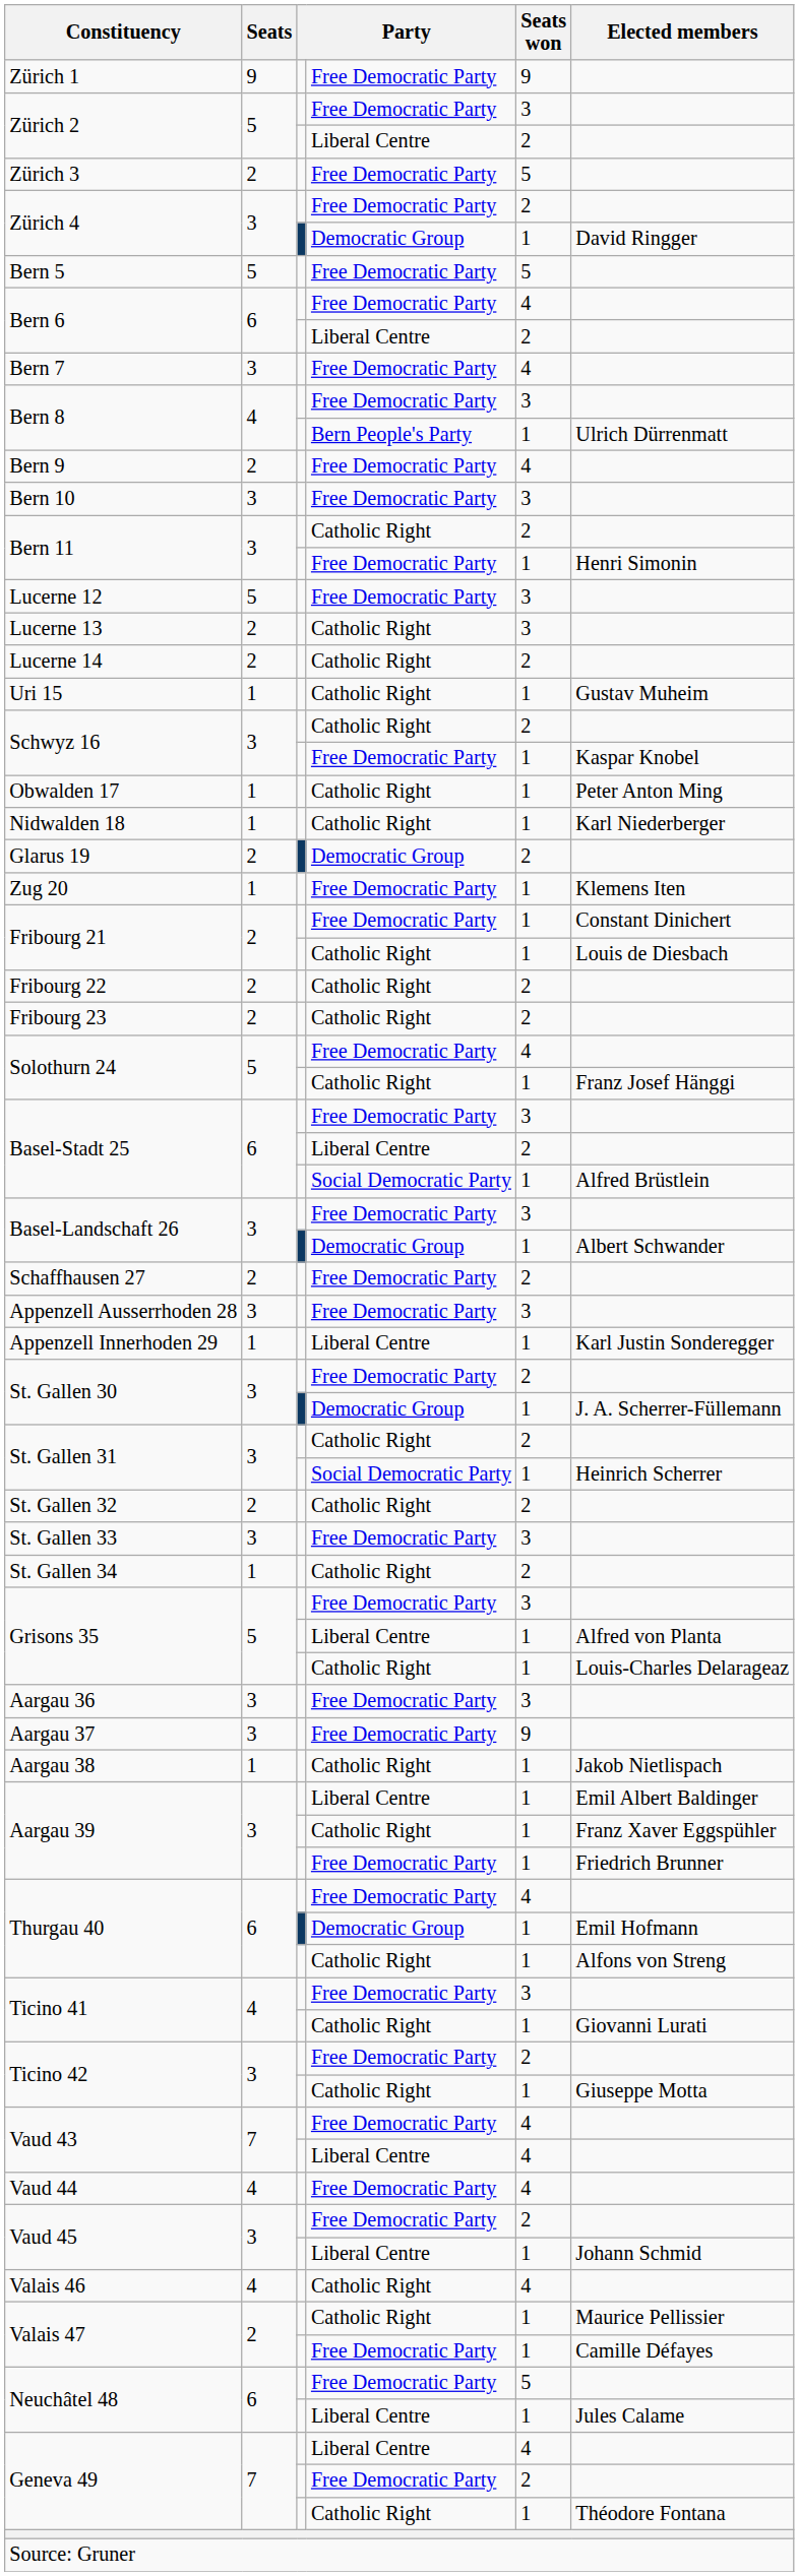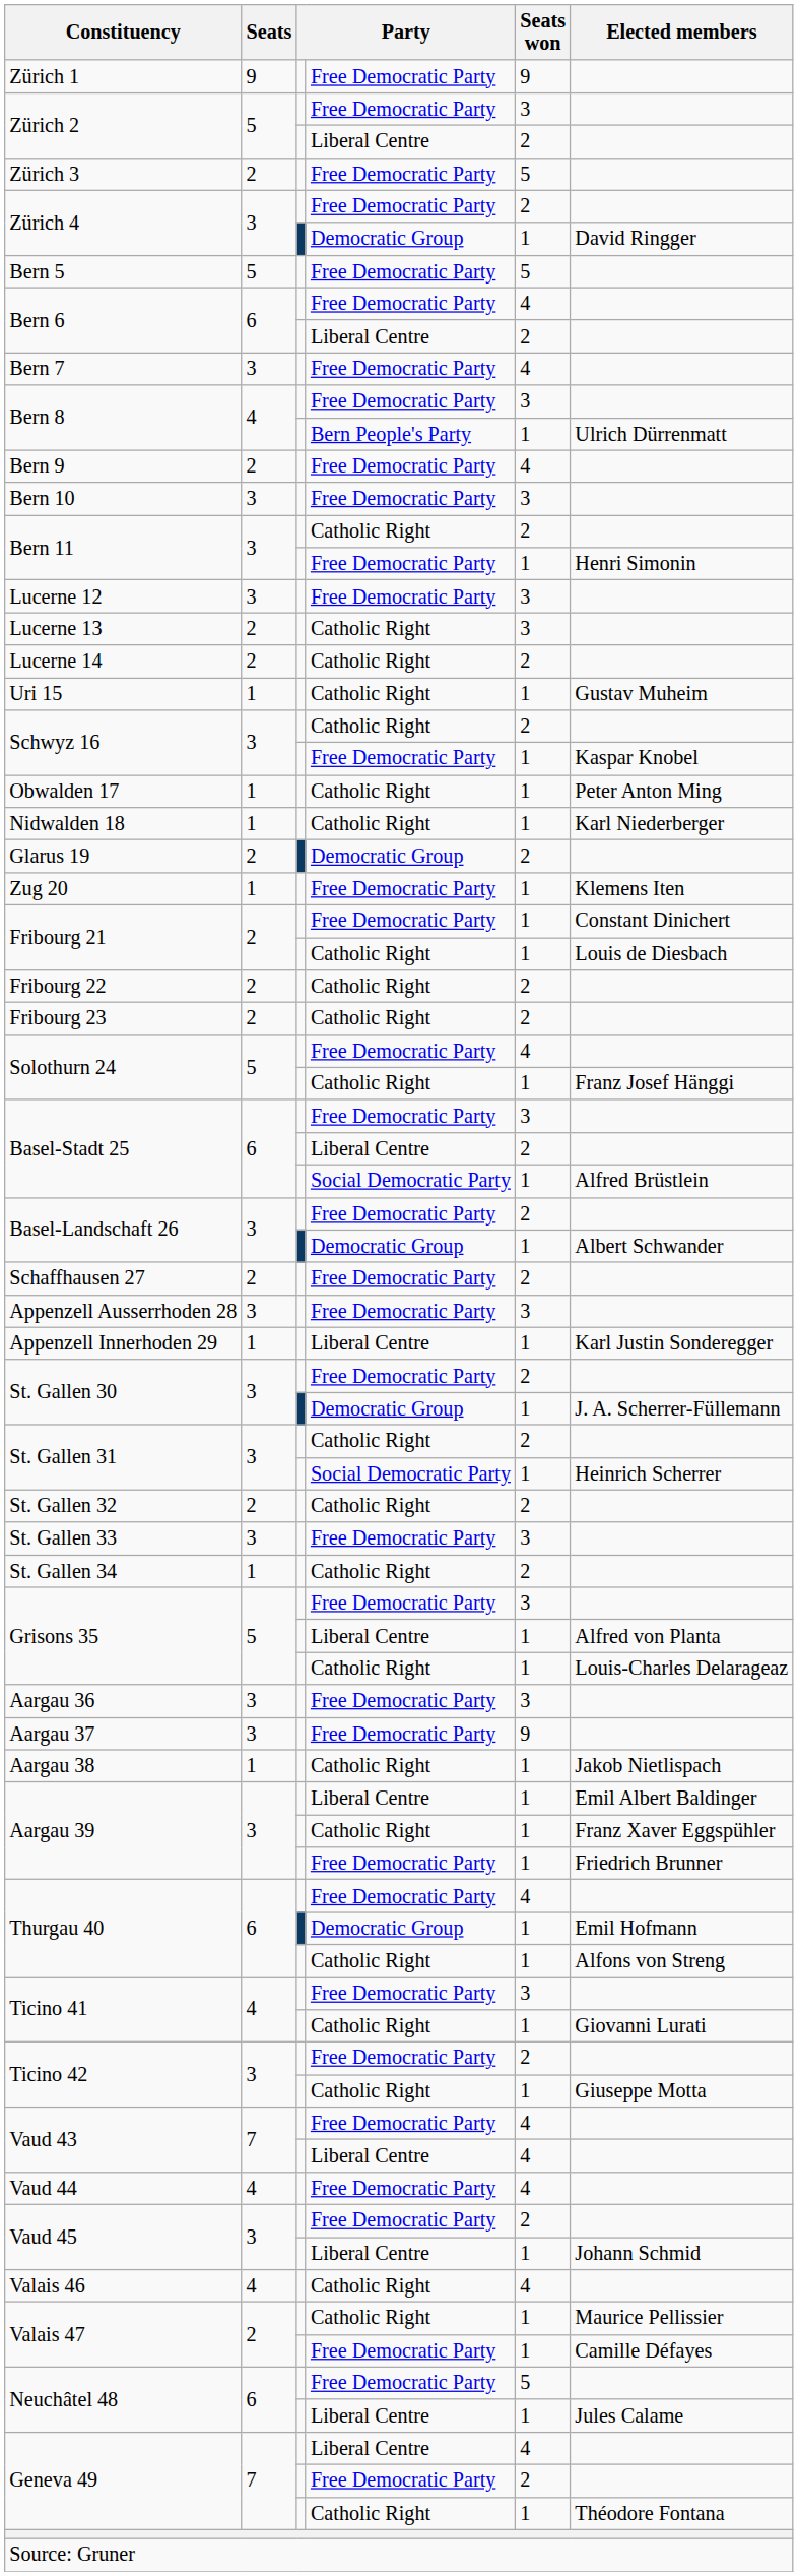 <table class="wikitable">
 <tr>
 <th>Constituency</th>
 <th>Seats</th>
 <th colspan="2">Party</th>
 <th>Seats<br>won</th>
 <th>Elected members</th>
 </tr>
 <tr>
 <td>Zürich 1</td>
 <td>9</td>
 <td style="color:inherit;background:"></td>
 <td><a href='#'>Free Democratic Party</a></td>
 <td>9</td>
 <td></td>
 </tr>
 <tr>
 <td rowspan="2">Zürich 2</td>
 <td rowspan="2">5</td>
 <td style="color:inherit;background:"></td>
 <td><a href='#'>Free Democratic Party</a></td>
 <td>3</td>
 <td></td>
 </tr>
 <tr>
 <td style="color:inherit;background:"></td>
 <td>Liberal Centre</td>
 <td>2</td>
 <td></td>
 </tr>
 <tr>
 <td>Zürich 3</td>
 <td>2</td>
 <td style="color:inherit;background:"></td>
 <td><a href='#'>Free Democratic Party</a></td>
 <td>5</td>
 <td></td>
 </tr>
 <tr>
 <td rowspan="2">Zürich 4</td>
 <td rowspan="2">3</td>
 <td style="color:inherit;background:"></td>
 <td><a href='#'>Free Democratic Party</a></td>
 <td>2</td>
 <td></td>
 </tr>
 <tr>
 <td style="color:inherit;background:#0B3861"></td>
 <td><a href='#'>Democratic Group</a></td>
 <td>1</td>
 <td>David Ringger</td>
 </tr>
 <tr>
 <td>Bern 5</td>
 <td>5</td>
 <td style="color:inherit;background:"></td>
 <td><a href='#'>Free Democratic Party</a></td>
 <td>5</td>
 <td></td>
 </tr>
 <tr>
 <td rowspan="2">Bern 6</td>
 <td rowspan="2">6</td>
 <td style="color:inherit;background:"></td>
 <td><a href='#'>Free Democratic Party</a></td>
 <td>4</td>
 <td></td>
 </tr>
 <tr>
 <td style="color:inherit;background:"></td>
 <td>Liberal Centre</td>
 <td>2</td>
 <td></td>
 </tr>
 <tr>
 <td>Bern 7</td>
 <td>3</td>
 <td style="color:inherit;background:"></td>
 <td><a href='#'>Free Democratic Party</a></td>
 <td>4</td>
 <td></td>
 </tr>
 <tr>
 <td rowspan="2">Bern 8</td>
 <td rowspan="2">4</td>
 <td style="color:inherit;background:"></td>
 <td><a href='#'>Free Democratic Party</a></td>
 <td>3</td>
 <td></td>
 </tr>
 <tr>
 <td style="color:inherit;background:"></td>
 <td><a href='#'>Bern People's Party</a></td>
 <td>1</td>
 <td>Ulrich Dürrenmatt</td>
 </tr>
 <tr>
 <td>Bern 9</td>
 <td>2</td>
 <td style="color:inherit;background:"></td>
 <td><a href='#'>Free Democratic Party</a></td>
 <td>4</td>
 <td></td>
 </tr>
 <tr>
 <td>Bern 10</td>
 <td>3</td>
 <td style="color:inherit;background:"></td>
 <td><a href='#'>Free Democratic Party</a></td>
 <td>3</td>
 <td></td>
 </tr>
 <tr>
 <td rowspan="2">Bern 11</td>
 <td rowspan="2">3</td>
 <td style="color:inherit;background:"></td>
 <td>Catholic Right</td>
 <td>2</td>
 <td></td>
 </tr>
 <tr>
 <td style="color:inherit;background:"></td>
 <td><a href='#'>Free Democratic Party</a></td>
 <td>1</td>
 <td>Henri Simonin</td>
 </tr>
 <tr>
 <td>Lucerne 12</td>
-<td>5</td>
+<td>3</td>
 <td style="color:inherit;background:"></td>
 <td><a href='#'>Free Democratic Party</a></td>
 <td>3</td>
 <td></td>
 </tr>
 <tr>
 <td>Lucerne 13</td>
 <td>2</td>
 <td style="color:inherit;background:"></td>
 <td>Catholic Right</td>
 <td>3</td>
 <td></td>
 </tr>
 <tr>
 <td>Lucerne 14</td>
 <td>2</td>
 <td style="color:inherit;background:"></td>
 <td>Catholic Right</td>
 <td>2</td>
 <td></td>
 </tr>
 <tr>
 <td>Uri 15</td>
 <td>1</td>
 <td style="color:inherit;background:"></td>
 <td>Catholic Right</td>
 <td>1</td>
 <td>Gustav Muheim</td>
 </tr>
 <tr>
 <td rowspan="2">Schwyz 16</td>
 <td rowspan="2">3</td>
 <td style="color:inherit;background:"></td>
 <td>Catholic Right</td>
 <td>2</td>
 <td></td>
 </tr>
 <tr>
 <td style="color:inherit;background:"></td>
 <td><a href='#'>Free Democratic Party</a></td>
 <td>1</td>
 <td>Kaspar Knobel</td>
 </tr>
 <tr>
 <td>Obwalden 17</td>
 <td>1</td>
 <td style="color:inherit;background:"></td>
 <td>Catholic Right</td>
 <td>1</td>
 <td>Peter Anton Ming</td>
 </tr>
 <tr>
 <td>Nidwalden 18</td>
 <td>1</td>
 <td style="color:inherit;background:"></td>
 <td>Catholic Right</td>
 <td>1</td>
 <td>Karl Niederberger</td>
 </tr>
 <tr>
 <td>Glarus 19</td>
 <td>2</td>
 <td style="color:inherit;background:#0B3861"></td>
 <td><a href='#'>Democratic Group</a></td>
 <td>2</td>
 <td></td>
 </tr>
 <tr>
 <td>Zug 20</td>
 <td>1</td>
 <td style="color:inherit;background:"></td>
 <td><a href='#'>Free Democratic Party</a></td>
 <td>1</td>
 <td>Klemens Iten</td>
 </tr>
 <tr>
 <td rowspan="2">Fribourg 21</td>
 <td rowspan="2">2</td>
 <td style="color:inherit;background:"></td>
 <td><a href='#'>Free Democratic Party</a></td>
 <td>1</td>
 <td>Constant Dinichert</td>
 </tr>
 <tr>
 <td style="color:inherit;background:"></td>
 <td>Catholic Right</td>
 <td>1</td>
 <td>Louis de Diesbach</td>
 </tr>
 <tr>
 <td>Fribourg 22</td>
 <td>2</td>
 <td style="color:inherit;background:"></td>
 <td>Catholic Right</td>
 <td>2</td>
 <td></td>
 </tr>
 <tr>
 <td>Fribourg 23</td>
 <td>2</td>
 <td style="color:inherit;background:"></td>
 <td>Catholic Right</td>
 <td>2</td>
 <td></td>
 </tr>
 <tr>
 <td rowspan="2">Solothurn 24</td>
 <td rowspan="2">5</td>
 <td style="color:inherit;background:"></td>
 <td><a href='#'>Free Democratic Party</a></td>
 <td>4</td>
 <td></td>
 </tr>
 <tr>
 <td style="color:inherit;background:"></td>
 <td>Catholic Right</td>
 <td>1</td>
 <td>Franz Josef Hänggi</td>
 </tr>
 <tr>
 <td rowspan="3">Basel-Stadt 25</td>
 <td rowspan="3">6</td>
 <td style="color:inherit;background:"></td>
 <td><a href='#'>Free Democratic Party</a></td>
 <td>3</td>
 <td></td>
 </tr>
 <tr>
 <td style="color:inherit;background:"></td>
 <td>Liberal Centre</td>
 <td>2</td>
 <td></td>
 </tr>
 <tr>
 <td style="color:inherit;background:"></td>
 <td><a href='#'>Social Democratic Party</a></td>
 <td>1</td>
 <td>Alfred Brüstlein</td>
 </tr>
 <tr>
 <td rowspan="2">Basel-Landschaft 26</td>
 <td rowspan="2">3</td>
 <td style="color:inherit;background:"></td>
 <td><a href='#'>Free Democratic Party</a></td>
-<td>3</td>
+<td>2</td>
 <td></td>
 </tr>
 <tr>
 <td style="color:inherit;background:#0B3861"></td>
 <td><a href='#'>Democratic Group</a></td>
 <td>1</td>
 <td>Albert Schwander</td>
 </tr>
 <tr>
 <td>Schaffhausen 27</td>
 <td>2</td>
 <td style="color:inherit;background:"></td>
 <td><a href='#'>Free Democratic Party</a></td>
 <td>2</td>
 <td></td>
 </tr>
 <tr>
 <td>Appenzell Ausserrhoden 28</td>
 <td>3</td>
 <td style="color:inherit;background:"></td>
 <td><a href='#'>Free Democratic Party</a></td>
 <td>3</td>
 <td></td>
 </tr>
 <tr>
 <td>Appenzell Innerhoden 29</td>
 <td>1</td>
 <td style="color:inherit;background:"></td>
 <td>Liberal Centre</td>
 <td>1</td>
 <td>Karl Justin Sonderegger</td>
 </tr>
 <tr>
 <td rowspan="2">St. Gallen 30</td>
 <td rowspan="2">3</td>
 <td style="color:inherit;background:"></td>
 <td><a href='#'>Free Democratic Party</a></td>
 <td>2</td>
 <td></td>
 </tr>
 <tr>
 <td style="color:inherit;background:#0B3861"></td>
 <td><a href='#'>Democratic Group</a></td>
 <td>1</td>
 <td>J. A. Scherrer-Füllemann</td>
 </tr>
 <tr>
 <td rowspan="2">St. Gallen 31</td>
 <td rowspan="2">3</td>
 <td style="color:inherit;background:"></td>
 <td>Catholic Right</td>
 <td>2</td>
 <td></td>
 </tr>
 <tr>
 <td style="color:inherit;background:"></td>
 <td><a href='#'>Social Democratic Party</a></td>
 <td>1</td>
 <td>Heinrich Scherrer</td>
 </tr>
 <tr>
 <td>St. Gallen 32</td>
 <td>2</td>
 <td style="color:inherit;background:"></td>
 <td>Catholic Right</td>
 <td>2</td>
 <td></td>
 </tr>
 <tr>
 <td>St. Gallen 33</td>
 <td>3</td>
 <td style="color:inherit;background:"></td>
 <td><a href='#'>Free Democratic Party</a></td>
 <td>3</td>
 <td></td>
 </tr>
 <tr>
 <td>St. Gallen 34</td>
 <td>1</td>
 <td style="color:inherit;background:"></td>
 <td>Catholic Right</td>
 <td>2</td>
 <td></td>
 </tr>
 <tr>
 <td rowspan="3">Grisons 35</td>
 <td rowspan="3">5</td>
 <td style="color:inherit;background:"></td>
 <td><a href='#'>Free Democratic Party</a></td>
 <td>3</td>
 <td></td>
 </tr>
 <tr>
 <td style="color:inherit;background:"></td>
 <td>Liberal Centre</td>
 <td>1</td>
 <td>Alfred von Planta</td>
 </tr>
 <tr>
 <td style="color:inherit;background:"></td>
 <td>Catholic Right</td>
 <td>1</td>
 <td>Louis-Charles Delarageaz</td>
 </tr>
 <tr>
 <td>Aargau 36</td>
 <td>3</td>
 <td style="color:inherit;background:"></td>
 <td><a href='#'>Free Democratic Party</a></td>
 <td>3</td>
 <td></td>
 </tr>
 <tr>
 <td>Aargau 37</td>
 <td>3</td>
 <td style="color:inherit;background:"></td>
 <td><a href='#'>Free Democratic Party</a></td>
 <td>9</td>
 <td></td>
 </tr>
 <tr>
 <td>Aargau 38</td>
 <td>1</td>
 <td style="color:inherit;background:"></td>
 <td>Catholic Right</td>
 <td>1</td>
 <td>Jakob Nietlispach</td>
 </tr>
 <tr>
 <td rowspan="3">Aargau 39</td>
 <td rowspan="3">3</td>
 <td style="color:inherit;background:"></td>
 <td>Liberal Centre</td>
 <td>1</td>
 <td>Emil Albert Baldinger</td>
 </tr>
 <tr>
 <td style="color:inherit;background:"></td>
 <td>Catholic Right</td>
 <td>1</td>
 <td>Franz Xaver Eggspühler</td>
 </tr>
 <tr>
 <td style="color:inherit;background:"></td>
 <td><a href='#'>Free Democratic Party</a></td>
 <td>1</td>
 <td>Friedrich Brunner</td>
 </tr>
 <tr>
 <td rowspan="3">Thurgau 40</td>
 <td rowspan="3">6</td>
 <td style="color:inherit;background:"></td>
 <td><a href='#'>Free Democratic Party</a></td>
 <td>4</td>
 <td></td>
 </tr>
 <tr>
 <td style="color:inherit;background:#0B3861"></td>
 <td><a href='#'>Democratic Group</a></td>
 <td>1</td>
 <td>Emil Hofmann</td>
 </tr>
 <tr>
 <td style="color:inherit;background:"></td>
 <td>Catholic Right</td>
 <td>1</td>
 <td>Alfons von Streng</td>
 </tr>
 <tr>
 <td rowspan="2">Ticino 41</td>
 <td rowspan="2">4</td>
 <td style="color:inherit;background:"></td>
 <td><a href='#'>Free Democratic Party</a></td>
 <td>3</td>
 <td></td>
 </tr>
 <tr>
 <td style="color:inherit;background:"></td>
 <td>Catholic Right</td>
 <td>1</td>
 <td>Giovanni Lurati</td>
 </tr>
 <tr>
 <td rowspan="2">Ticino 42</td>
 <td rowspan="2">3</td>
 <td style="color:inherit;background:"></td>
 <td><a href='#'>Free Democratic Party</a></td>
 <td>2</td>
 <td></td>
 </tr>
 <tr>
 <td style="color:inherit;background:"></td>
 <td>Catholic Right</td>
 <td>1</td>
 <td>Giuseppe Motta</td>
 </tr>
 <tr>
 <td rowspan="2">Vaud 43</td>
 <td rowspan="2">7</td>
 <td style="color:inherit;background:"></td>
 <td><a href='#'>Free Democratic Party</a></td>
 <td>4</td>
 <td></td>
 </tr>
 <tr>
 <td style="color:inherit;background:"></td>
 <td>Liberal Centre</td>
 <td>4</td>
 <td></td>
 </tr>
 <tr>
 <td>Vaud 44</td>
 <td>4</td>
 <td style="color:inherit;background:"></td>
 <td><a href='#'>Free Democratic Party</a></td>
 <td>4</td>
 <td></td>
 </tr>
 <tr>
 <td rowspan="2">Vaud 45</td>
 <td rowspan="2">3</td>
 <td style="color:inherit;background:"></td>
 <td><a href='#'>Free Democratic Party</a></td>
 <td>2</td>
 <td></td>
 </tr>
 <tr>
 <td style="color:inherit;background:"></td>
 <td>Liberal Centre</td>
 <td>1</td>
 <td>Johann Schmid</td>
 </tr>
 <tr>
 <td>Valais 46</td>
 <td>4</td>
 <td style="color:inherit;background:"></td>
 <td>Catholic Right</td>
 <td>4</td>
 <td></td>
 </tr>
 <tr>
 <td rowspan="2">Valais 47</td>
 <td rowspan="2">2</td>
 <td style="color:inherit;background:"></td>
 <td>Catholic Right</td>
 <td>1</td>
 <td>Maurice Pellissier</td>
 </tr>
 <tr>
 <td style="color:inherit;background:"></td>
 <td><a href='#'>Free Democratic Party</a></td>
 <td>1</td>
 <td>Camille Défayes</td>
 </tr>
 <tr>
 <td rowspan="2">Neuchâtel 48</td>
 <td rowspan="2">6</td>
 <td style="color:inherit;background:"></td>
 <td><a href='#'>Free Democratic Party</a></td>
 <td>5</td>
 <td></td>
 </tr>
 <tr>
 <td style="color:inherit;background:"></td>
 <td>Liberal Centre</td>
 <td>1</td>
 <td>Jules Calame</td>
 </tr>
 <tr>
 <td rowspan="3">Geneva 49</td>
 <td rowspan="3">7</td>
 <td style="color:inherit;background:"></td>
 <td>Liberal Centre</td>
 <td>4</td>
 <td></td>
 </tr>
 <tr>
 <td style="color:inherit;background:"></td>
 <td><a href='#'>Free Democratic Party</a></td>
 <td>2</td>
 <td></td>
 </tr>
 <tr>
 <td style="color:inherit;background:"></td>
 <td>Catholic Right</td>
 <td>1</td>
 <td>Théodore Fontana</td>
 </tr>
 <tr>
 <th colspan="6"></th>
 </tr>
 <tr>
 <td colspan="6">Source: Gruner</td>
 </tr>
 </table>
